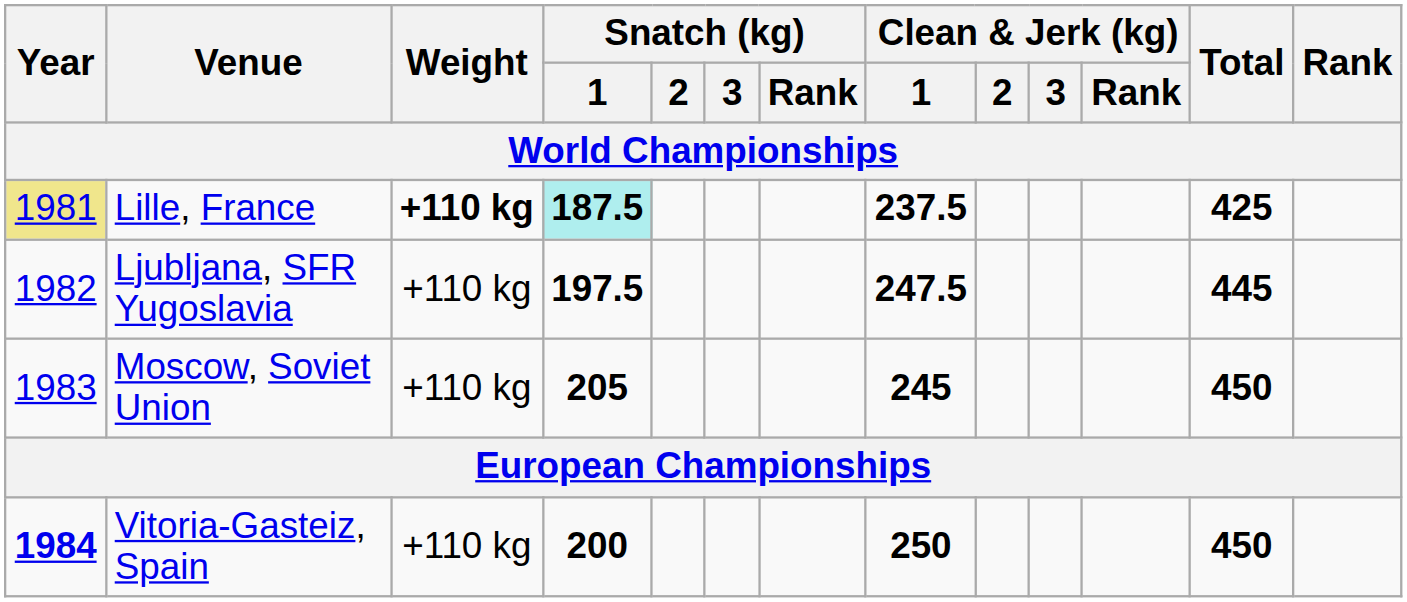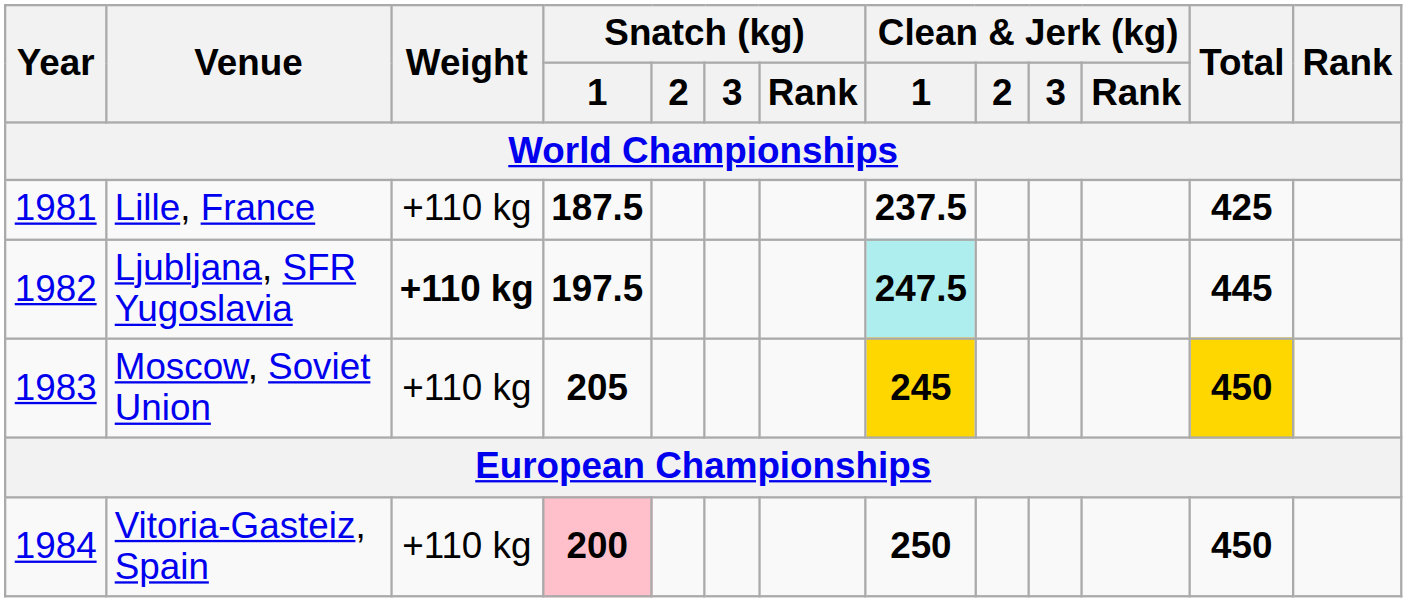 <table class = "wikitable" style="text-align:center;">
 <tr>
 <th rowspan=2 width=40>Year</th>
 <th rowspan=2 width=250>Venue</th>
 <th rowspan=2 width=60>Weight</th>
 <th colspan=4>Snatch (kg)</th>
 <th colspan=4>Clean & Jerk (kg)</th>
 <th rowspan=2 width=40>Total</th>
 <th rowspan=2 width=40>Rank</th>
 </tr>
 <tr>
 <th width=40>1</th>
 <th width=40>2</th>
 <th width=40>3</th>
 <th width=40>Rank</th>
 <th width=40>1</th>
 <th width=40>2</th>
 <th width=40>3</th>
 <th width=40>Rank</th>
 </tr>
 <tr>
 <th colspan=13><a href='#'>World Championships</a></th>
 </tr>
 <tr>
-<td style="background: khaki;"><a href='#'>1981</a></td>
+<td><a href='#'>1981</a></td>
 <td align=left> <a href='#'>Lille</a>, <a href='#'>France</a></td>
-<td><strong>+110 kg</strong></td>
-<td style="background: paleturquoise;"><strong>187.5</strong></td>
+<td>+110 kg</td>
+<td><strong>187.5</strong></td>
 <td></td>
 <td></td>
 <td><strong></strong></td>
 <td><strong>237.5</strong></td>
 <td></td>
 <td></td>
 <td><strong></strong></td>
 <td><strong>425</strong></td>
 <td><strong></strong></td>
 </tr>
 <tr>
 <td><a href='#'>1982</a></td>
 <td align=left> <a href='#'>Ljubljana</a>, <a href='#'>SFR Yugoslavia</a></td>
-<td>+110 kg</td>
+<td><strong>+110 kg</strong></td>
 <td><strong>197.5</strong></td>
 <td></td>
 <td></td>
 <td><strong></strong></td>
-<td><strong>247.5</strong></td>
+<td style="background: paleturquoise;"><strong>247.5</strong></td>
 <td></td>
 <td></td>
 <td><strong></strong></td>
 <td><strong>445</strong></td>
 <td><strong></strong></td>
 </tr>
 <tr>
 <td><a href='#'>1983</a></td>
 <td align=left> <a href='#'>Moscow</a>, <a href='#'>Soviet Union</a></td>
 <td>+110 kg</td>
 <td><strong>205</strong></td>
 <td></td>
 <td></td>
 <td><strong></strong></td>
-<td><strong>245</strong></td>
+<td style="background: gold;"><strong>245</strong></td>
 <td></td>
 <td></td>
 <td><strong></strong></td>
-<td><strong>450</strong></td>
+<td style="background: gold;"><strong>450</strong></td>
 <td><strong></strong></td>
 </tr>
 <tr>
 <th colspan=13><a href='#'>European Championships</a></th>
 </tr>
 <tr>
-<td><strong><a href='#'>1984</a></strong></td>
+<td><a href='#'>1984</a></td>
 <td align=left> <a href='#'>Vitoria-Gasteiz</a>, <a href='#'>Spain</a></td>
 <td>+110 kg</td>
-<td><strong>200</strong></td>
+<td style="background: pink;"><strong>200</strong></td>
 <td></td>
 <td></td>
 <td><strong></strong></td>
 <td><strong>250</strong></td>
 <td></td>
 <td></td>
 <td><strong></strong></td>
 <td><strong>450</strong></td>
 <td><strong></strong></td>
 </tr>
 </table>
